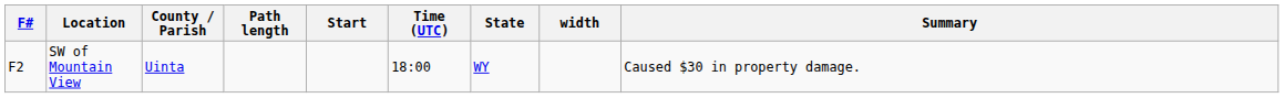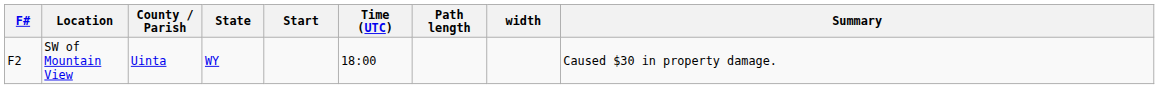 <table class="wikitable sortable" style="width:100%;">
 <tr>
 <th scope="col"  style="width:3%; text-align:center;"><a href='#'>F#</a></th>
 <th scope="col"  style="width:7%; text-align:center;" class="unsortable">Location</th>
 <th scope="col"  style="width:6%; text-align:center;" class="unsortable">County / Parish</th>
-<th scope="col"  style="width:6%; text-align:center;">Path length</th>
+<th scope="col"  style="width:5%; text-align:center;">State</th>
 <th scope="col"  style="width:6%; text-align:center;">Start<br></th>
 <th scope="col"  style="width:6%; text-align:center;">Time (<a href='#'>UTC</a>)</th>
-<th scope="col"  style="width:5%; text-align:center;">State</th>
+<th scope="col"  style="width:6%; text-align:center;">Path length</th>
 <th scope="col"  style="width:6%; text-align:center;"> width</th>
 <th scope="col" class="unsortable" style="width:48%; text-align:center;">Summary</th>
 </tr>
 <tr>
 <td>F2</td>
 <td>SW of <a href='#'>Mountain View</a></td>
 <td><a href='#'>Uinta</a></td>
-<td></td>
+<td><a href='#'>WY</a></td>
 <td></td>
 <td>18:00</td>
-<td><a href='#'>WY</a></td>
+<td></td>
 <td></td>
 <td>Caused $30 in property damage.</td>
 </tr>
 </table>
